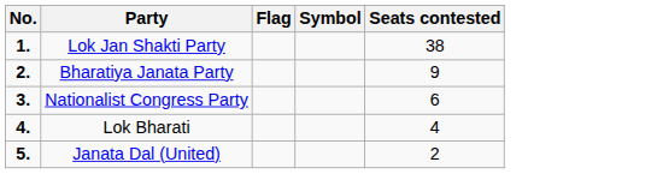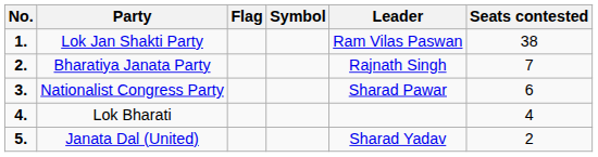 <table class="wikitable">
 <tr>
 <th>No.</th>
 <th>Party</th>
 <th>Flag</th>
 <th>Symbol</th>
+<th>Leader</th>
 <th>Seats contested</th>
 </tr>
 <tr>
 <td ! style="text-align:center; background:"><strong>1.</strong></td>
 <td style="text-align:center"><a href='#'>Lok Jan Shakti Party</a></td>
 <td></td>
 <td></td>
+<td style="text-align:center"><a href='#'>Ram Vilas Paswan</a></td>
 <td style="text-align:center">38</td>
 </tr>
 <tr>
 <td ! style="text-align:center; background:"><strong>2.</strong></td>
 <td style="text-align:center"><a href='#'>Bharatiya Janata Party</a></td>
 <td></td>
 <td></td>
-<td style="text-align:center">9</td>
+<td style="text-align:center"><a href='#'>Rajnath Singh</a></td>
+<td style="text-align:center">7</td>
 </tr>
 <tr>
 <td ! style="text-align:center; background:"><strong>3.</strong></td>
 <td style="text-align:center"><a href='#'>Nationalist Congress Party</a></td>
 <td></td>
 <td></td>
+<td style="text-align:center"><a href='#'>Sharad Pawar</a></td>
 <td style="text-align:center">6</td>
 </tr>
 <tr>
 <td ! style="text-align:center; background:"><strong>4.</strong></td>
 <td style="text-align:center">Lok Bharati</td>
 <td></td>
 <td></td>
+<td style="text-align:center"></td>
 <td style="text-align:center">4</td>
 </tr>
 <tr>
 <td ! style="text-align:center; background:"><strong>5.</strong></td>
 <td style="text-align:center"><a href='#'>Janata Dal (United)</a></td>
 <td></td>
 <td></td>
+<td style="text-align:center"><a href='#'>Sharad Yadav</a></td>
 <td style="text-align:center">2</td>
 </tr>
 </table>
